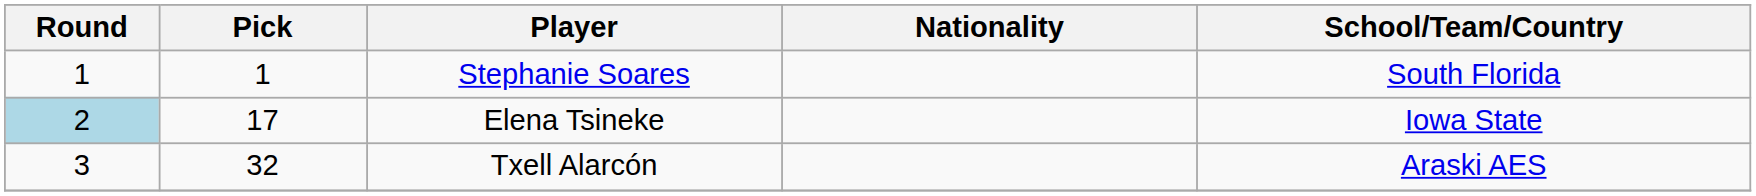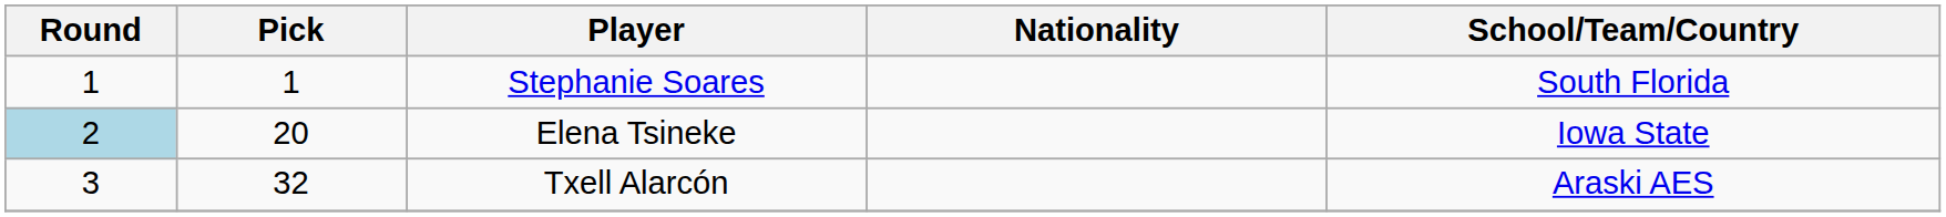 <table class="wikitable" style="text-align:center; width:60em">
 <tr>
 <th width="2%">Round</th>
 <th width="5%">Pick</th>
 <th width="10%">Player</th>
 <th width="10%">Nationality</th>
 <th width="10%">School/Team/Country</th>
 </tr>
 <tr>
 <td>1</td>
 <td>1</td>
 <td><a href='#'>Stephanie Soares</a></td>
 <td></td>
 <td><a href='#'>South Florida</a></td>
 </tr>
 <tr>
 <td style="background: lightblue;">2</td>
-<td>17</td>
+<td>20</td>
 <td>Elena Tsineke</td>
 <td></td>
 <td><a href='#'>Iowa State</a></td>
 </tr>
 <tr>
 <td>3</td>
 <td>32</td>
 <td>Txell Alarcón</td>
 <td></td>
 <td><a href='#'>Araski AES</a></td>
 </tr>
 <tr>
 </tr>
 </table>
